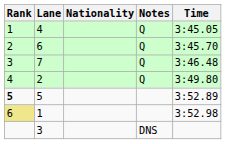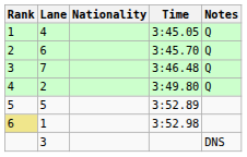 <table class="wikitable">
 <tr>
 <th>Rank</th>
 <th>Lane</th>
 <th>Nationality</th>
+<th>Time</th>
 <th>Notes</th>
-<th>Time</th>
 </tr>
 <tr bgcolor=ccffcc>
 <td>1</td>
 <td>4</td>
 <td></td>
+<td>3:45.05</td>
 <td>Q</td>
-<td>3:45.05</td>
 </tr>
 <tr bgcolor=ccffcc>
 <td>2</td>
 <td>6</td>
 <td></td>
+<td>3:45.70</td>
 <td>Q</td>
-<td>3:45.70</td>
 </tr>
 <tr bgcolor=ccffcc>
 <td>3</td>
 <td>7</td>
 <td></td>
+<td>3:46.48</td>
 <td>Q</td>
-<td>3:46.48</td>
 </tr>
 <tr bgcolor=ccffcc>
 <td>4</td>
 <td>2</td>
 <td></td>
+<td>3:49.80</td>
 <td>Q</td>
-<td>3:49.80</td>
 </tr>
 <tr>
-<td><strong>5</strong></td>
+<td>5</td>
 <td>5</td>
 <td></td>
+<td>3:52.89</td>
 <td></td>
-<td>3:52.89</td>
 </tr>
 <tr>
 <td style="background: khaki;">6</td>
 <td>1</td>
 <td></td>
+<td>3:52.98</td>
 <td></td>
-<td>3:52.98</td>
 </tr>
 <tr>
 <td></td>
 <td>3</td>
 <td></td>
+<td></td>
 <td>DNS</td>
-<td></td>
 </tr>
 </table>
